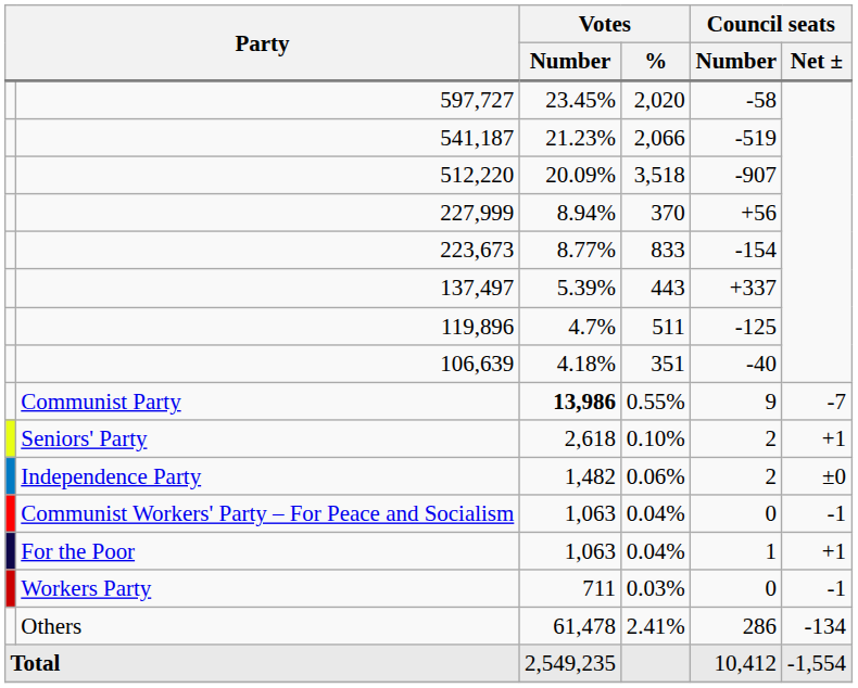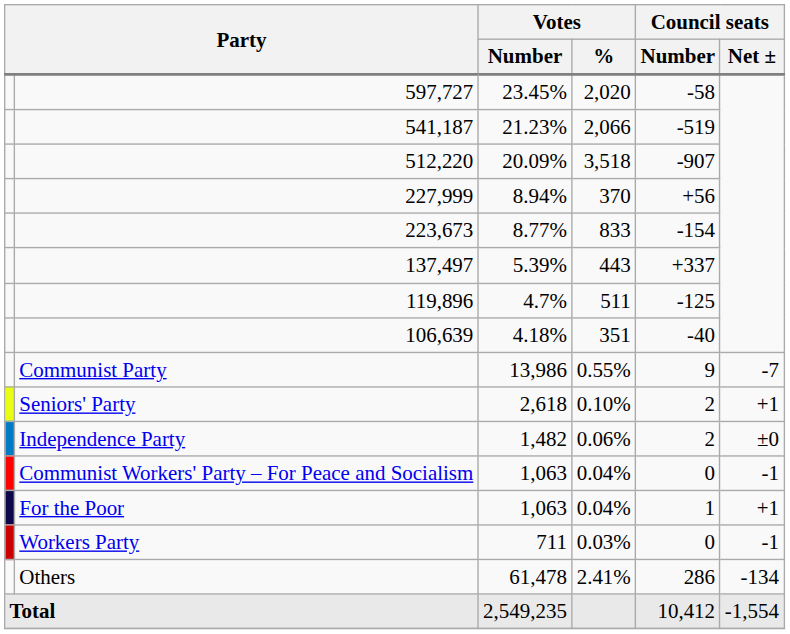 <table class="wikitable" style="font-size: 95%;">
 <tr>
 <th rowspan="2" colspan="2" style="border-bottom: 2px solid gray;">Party</th>
 <th colspan="2" s>Votes</th>
 <th colspan="2">Council seats</th>
 </tr>
 <tr style="border-bottom: 2px solid gray;">
 <th>Number</th>
 <th>%</th>
 <th>Number</th>
 <th>Net ±</th>
 </tr>
 <tr align="right">
 <td></td>
 <td>597,727</td>
 <td>23.45%</td>
 <td>2,020</td>
 <td>-58</td>
 </tr>
 <tr align="right">
 <td></td>
 <td>541,187</td>
 <td>21.23%</td>
 <td>2,066</td>
 <td>-519</td>
 </tr>
 <tr align="right">
 <td></td>
 <td>512,220</td>
 <td>20.09%</td>
 <td>3,518</td>
 <td>-907</td>
 </tr>
 <tr align="right">
 <td></td>
 <td>227,999</td>
 <td>8.94%</td>
 <td>370</td>
 <td>+56</td>
 </tr>
 <tr align="right">
 <td></td>
 <td>223,673</td>
 <td>8.77%</td>
 <td>833</td>
 <td>-154</td>
 </tr>
 <tr align="right">
 <td></td>
 <td>137,497</td>
 <td>5.39%</td>
 <td>443</td>
 <td>+337</td>
 </tr>
 <tr align="right">
 <td></td>
 <td>119,896</td>
 <td>4.7%</td>
 <td>511</td>
 <td>-125</td>
 </tr>
 <tr align="right">
 <td></td>
 <td>106,639</td>
 <td>4.18%</td>
 <td>351</td>
 <td>-40</td>
 </tr>
 <tr align="right">
 <td></td>
 <td align="left"><a href='#'>Communist Party</a></td>
-<td><strong>13,986</strong></td>
+<td>13,986</td>
 <td>0.55%</td>
 <td>9</td>
 <td>-7</td>
 </tr>
 <tr align="right">
 <td bgcolor="#E8FF14"></td>
 <td align="left"><a href='#'>Seniors' Party</a></td>
 <td>2,618</td>
 <td>0.10%</td>
 <td>2</td>
 <td>+1</td>
 </tr>
 <tr align="right">
 <td bgcolor="#017BC4"></td>
 <td align="left"><a href='#'>Independence Party</a></td>
 <td>1,482</td>
 <td>0.06%</td>
 <td>2</td>
 <td>±0</td>
 </tr>
 <tr align="right">
 <td bgcolor="#FF0000"></td>
 <td align="left"><a href='#'>Communist Workers' Party – For Peace and Socialism</a></td>
 <td>1,063</td>
 <td>0.04%</td>
 <td>0</td>
 <td>-1</td>
 </tr>
 <tr align="right">
 <td bgcolor="#0D064A"></td>
 <td align="left"><a href='#'>For the Poor</a></td>
 <td>1,063</td>
 <td>0.04%</td>
 <td>1</td>
 <td>+1</td>
 </tr>
 <tr align="right">
 <td bgcolor="#CC0000"></td>
 <td align="left"><a href='#'>Workers Party</a></td>
 <td>711</td>
 <td>0.03%</td>
 <td>0</td>
 <td>-1</td>
 </tr>
 <tr align="right">
 <td></td>
 <td align="left">Others</td>
 <td>61,478</td>
 <td>2.41%</td>
 <td>286</td>
 <td>-134</td>
 </tr>
 <tr>
 <td bgcolor="#E9E9E9" colspan="2"><strong>Total</strong></td>
 <td bgcolor="#E9E9E9">2,549,235</td>
 <td bgcolor="#E9E9E9" colspan="1"></td>
 <td bgcolor="#E9E9E9" align="right">10,412</td>
 <td bgcolor="#E9E9E9" align="right">-1,554</td>
 </tr>
 <tr>
 </tr>
 </table>
